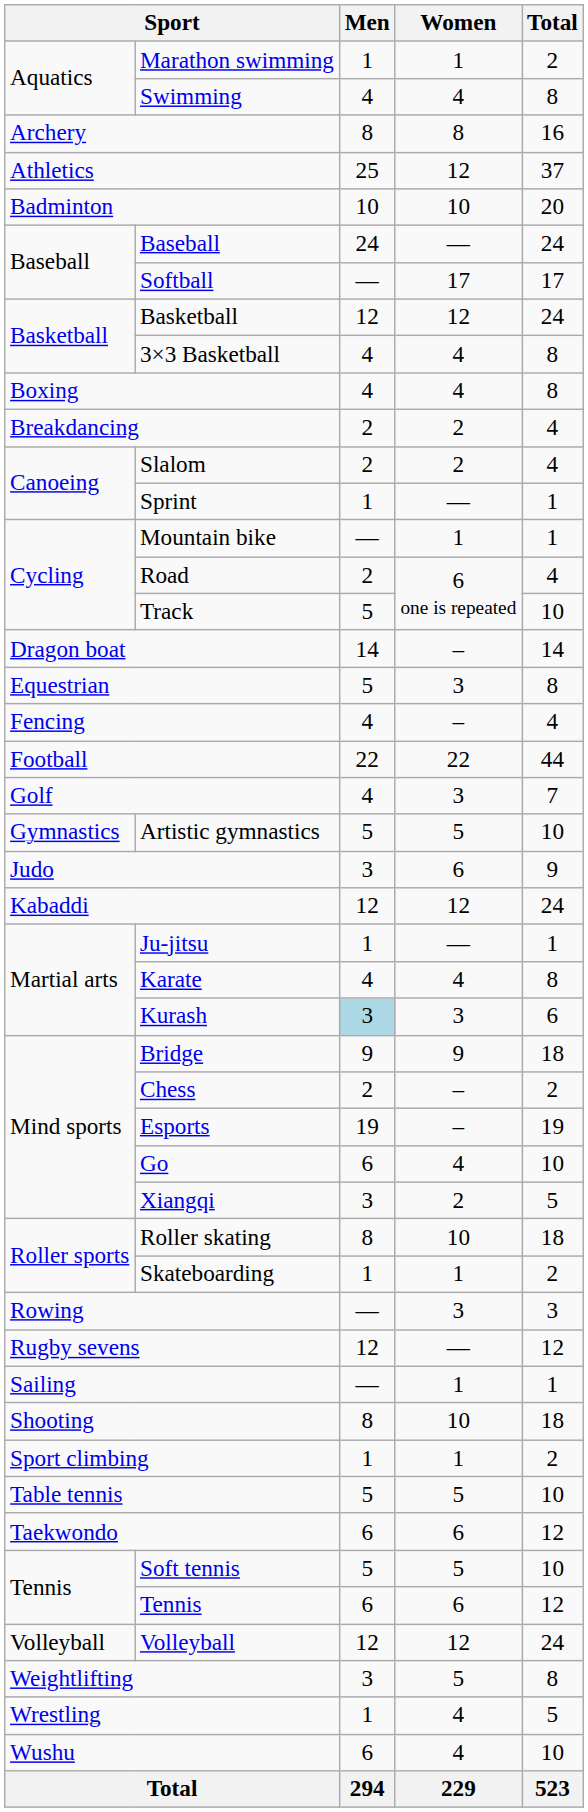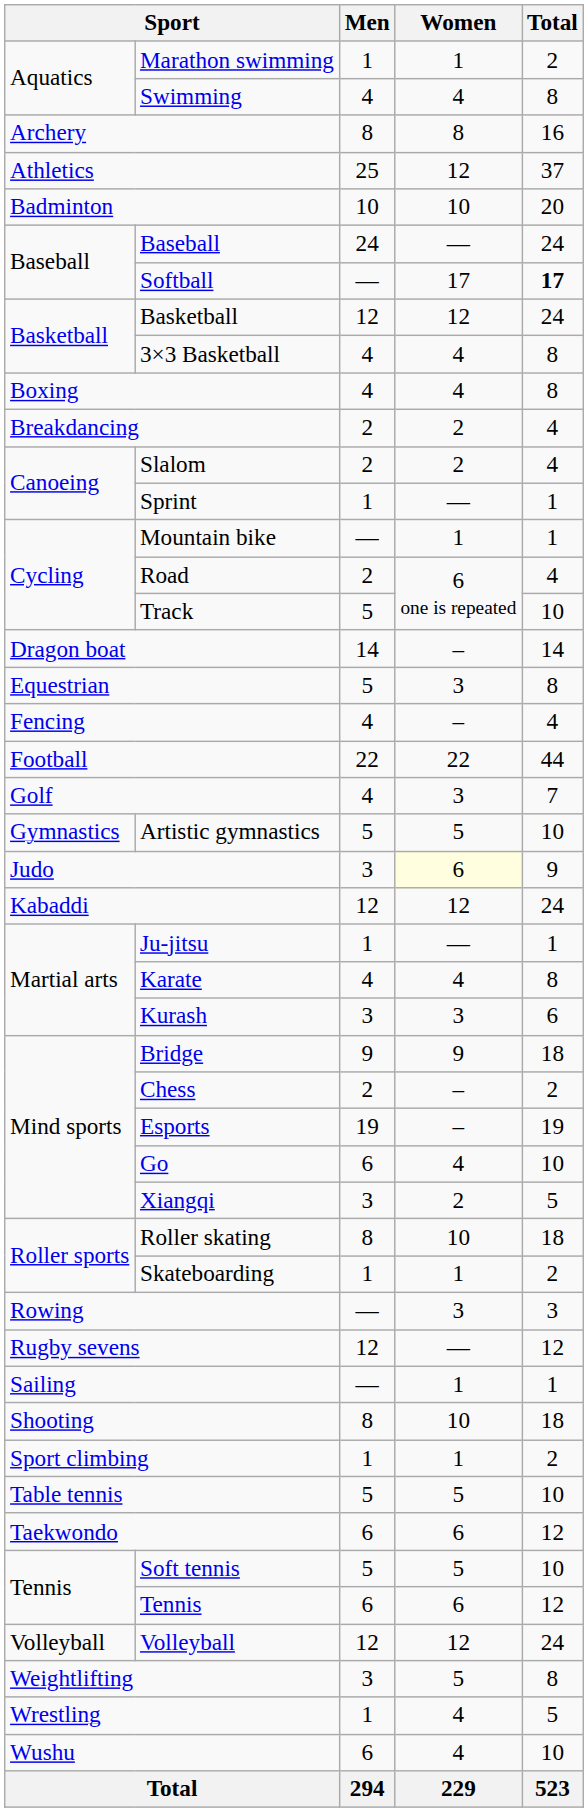 <table class="wikitable sortable"style="text-align:center;">
 <tr>
 <th colspan="2">Sport</th>
 <th>Men</th>
 <th>Women</th>
 <th>Total</th>
 </tr>
 <tr>
 <td align="left" rowspan="2">Aquatics</td>
 <td align="left"><a href='#'>Marathon swimming</a></td>
 <td>1</td>
 <td>1</td>
 <td>2</td>
 </tr>
 <tr>
 <td align="left"><a href='#'>Swimming</a></td>
 <td>4</td>
 <td>4</td>
 <td>8</td>
 </tr>
 <tr>
 <td align="left" colspan="2"><a href='#'>Archery</a></td>
 <td>8</td>
 <td>8</td>
 <td>16</td>
 </tr>
 <tr>
 <td align="left" colspan="2"><a href='#'>Athletics</a></td>
 <td>25</td>
 <td>12</td>
 <td>37</td>
 </tr>
 <tr>
 <td align="left" colspan="2"><a href='#'>Badminton</a></td>
 <td>10</td>
 <td>10</td>
 <td>20</td>
 </tr>
 <tr>
 <td align="left" rowspan="2">Baseball</td>
 <td align="left"><a href='#'>Baseball</a></td>
 <td>24</td>
 <td>—</td>
 <td>24</td>
 </tr>
 <tr>
 <td align="left"><a href='#'>Softball</a></td>
 <td>—</td>
 <td>17</td>
-<td>17</td>
+<td><strong>17</strong></td>
 </tr>
 <tr>
 <td align="left" rowspan="2"><a href='#'>Basketball</a></td>
 <td align="left">Basketball</td>
 <td>12</td>
 <td>12</td>
 <td>24</td>
 </tr>
 <tr>
 <td align="left">3×3 Basketball</td>
 <td>4</td>
 <td>4</td>
 <td>8</td>
 </tr>
 <tr>
 <td align="left" colspan="2"><a href='#'>Boxing</a></td>
 <td>4</td>
 <td>4</td>
 <td>8</td>
 </tr>
 <tr>
 <td align="left" colspan="2"><a href='#'>Breakdancing</a></td>
 <td>2</td>
 <td>2</td>
 <td>4</td>
 </tr>
 <tr>
 <td align="left" rowspan="2"><a href='#'>Canoeing</a></td>
 <td align="left">Slalom</td>
 <td>2</td>
 <td>2</td>
 <td>4</td>
 </tr>
 <tr>
 <td align="left">Sprint</td>
 <td>1</td>
 <td>—</td>
 <td>1</td>
 </tr>
 <tr>
 <td align="left" rowspan="3"><a href='#'>Cycling</a></td>
 <td align="left">Mountain bike</td>
 <td>—</td>
 <td>1</td>
 <td>1</td>
 </tr>
 <tr>
 <td align="left">Road</td>
 <td>2</td>
 <td rowspan="2">6<br><small>one is repeated</small></td>
 <td>4</td>
 </tr>
 <tr>
 <td align="left">Track</td>
 <td>5</td>
 <td>10</td>
 </tr>
 <tr>
 <td align="left" colspan="2"><a href='#'>Dragon boat</a></td>
 <td>14</td>
 <td>–</td>
 <td>14</td>
 </tr>
 <tr>
 <td align="left" colspan="2"><a href='#'>Equestrian</a></td>
 <td>5</td>
 <td>3</td>
 <td>8</td>
 </tr>
 <tr>
 <td align="left" colspan="2"><a href='#'>Fencing</a></td>
 <td>4</td>
 <td>–</td>
 <td>4</td>
 </tr>
 <tr>
 <td align="left" colspan="2"><a href='#'>Football</a></td>
 <td>22</td>
 <td>22</td>
 <td>44</td>
 </tr>
 <tr>
 <td align="left" colspan="2"><a href='#'>Golf</a></td>
 <td>4</td>
 <td>3</td>
 <td>7</td>
 </tr>
 <tr>
 <td align="left"><a href='#'>Gymnastics</a></td>
 <td align="left">Artistic gymnastics</td>
 <td>5</td>
 <td>5</td>
 <td>10</td>
 </tr>
 <tr>
 <td align="left" colspan="2"><a href='#'>Judo</a></td>
 <td>3</td>
-<td>6</td>
+<td style="background: lightyellow;">6</td>
 <td>9</td>
 </tr>
 <tr>
 <td align="left" colspan="2"><a href='#'>Kabaddi</a></td>
 <td>12</td>
 <td>12</td>
 <td>24</td>
 </tr>
 <tr>
 <td align="left" rowspan="3">Martial arts</td>
 <td align="left"><a href='#'>Ju-jitsu</a></td>
 <td>1</td>
 <td>—</td>
 <td>1</td>
 </tr>
 <tr>
 <td align="left"><a href='#'>Karate</a></td>
 <td>4</td>
 <td>4</td>
 <td>8</td>
 </tr>
 <tr>
 <td align="left"><a href='#'>Kurash</a></td>
-<td style="background: lightblue;">3</td>
+<td>3</td>
 <td>3</td>
 <td>6</td>
 </tr>
 <tr>
 <td align="left" rowspan="5">Mind sports</td>
 <td align="left"><a href='#'>Bridge</a></td>
 <td>9</td>
 <td>9</td>
 <td>18</td>
 </tr>
 <tr>
 <td align="left"><a href='#'>Chess</a></td>
 <td>2</td>
 <td>–</td>
 <td>2</td>
 </tr>
 <tr>
 <td align="left"><a href='#'>Esports</a></td>
 <td>19</td>
 <td>–</td>
 <td>19</td>
 </tr>
 <tr>
 <td align="left"><a href='#'>Go</a></td>
 <td>6</td>
 <td>4</td>
 <td>10</td>
 </tr>
 <tr>
 <td align="left"><a href='#'>Xiangqi</a></td>
 <td>3</td>
 <td>2</td>
 <td>5</td>
 </tr>
 <tr>
 <td align="left" rowspan="2"><a href='#'>Roller sports</a></td>
 <td align="left">Roller skating</td>
 <td>8</td>
 <td>10</td>
 <td>18</td>
 </tr>
 <tr>
 <td align="left">Skateboarding</td>
 <td>1</td>
 <td>1</td>
 <td>2</td>
 </tr>
 <tr>
 <td align="left" colspan="2"><a href='#'>Rowing</a></td>
 <td>—</td>
 <td>3</td>
 <td>3</td>
 </tr>
 <tr>
 <td align="left" colspan="2"><a href='#'>Rugby sevens</a></td>
 <td>12</td>
 <td>—</td>
 <td>12</td>
 </tr>
 <tr>
 <td align="left" colspan="2"><a href='#'>Sailing</a></td>
 <td>—</td>
 <td>1</td>
 <td>1</td>
 </tr>
 <tr>
 <td align="left" colspan="2"><a href='#'>Shooting</a></td>
 <td>8</td>
 <td>10</td>
 <td>18</td>
 </tr>
 <tr>
 <td align="left" colspan="2"><a href='#'>Sport climbing</a></td>
 <td>1</td>
 <td>1</td>
 <td>2</td>
 </tr>
 <tr>
 <td align="left" colspan="2"><a href='#'>Table tennis</a></td>
 <td>5</td>
 <td>5</td>
 <td>10</td>
 </tr>
 <tr>
 <td align="left" colspan="2"><a href='#'>Taekwondo</a></td>
 <td>6</td>
 <td>6</td>
 <td>12</td>
 </tr>
 <tr>
 <td align="left" rowspan="2">Tennis</td>
 <td align="left"><a href='#'>Soft tennis</a></td>
 <td>5</td>
 <td>5</td>
 <td>10</td>
 </tr>
 <tr>
 <td align="left"><a href='#'>Tennis</a></td>
 <td>6</td>
 <td>6</td>
 <td>12</td>
 </tr>
 <tr>
 <td align="left">Volleyball</td>
 <td align="left"><a href='#'>Volleyball</a></td>
 <td>12</td>
 <td>12</td>
 <td>24</td>
 </tr>
 <tr>
 <td align="left" colspan="2"><a href='#'>Weightlifting</a></td>
 <td>3</td>
 <td>5</td>
 <td>8</td>
 </tr>
 <tr>
 <td align="left" colspan="2"><a href='#'>Wrestling</a></td>
 <td>1</td>
 <td>4</td>
 <td>5</td>
 </tr>
 <tr>
 <td align="left" colspan="2"><a href='#'>Wushu</a></td>
 <td>6</td>
 <td>4</td>
 <td>10</td>
 </tr>
 <tr>
 <th colspan="2">Total</th>
 <th>294</th>
 <th>229</th>
 <th>523</th>
 </tr>
 </table>
